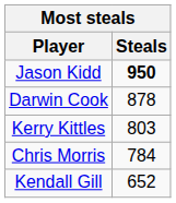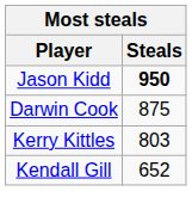 <table class="wikitable sortable" style="text-align:center">
 <tr>
 <th colspan="2" style="text-align:center; ">Most steals</th>
 </tr>
 <tr>
 <th style="text-align:center; ">Player</th>
 <th style="text-align:center; ">Steals</th>
 </tr>
 <tr>
 <td><a href='#'>Jason Kidd</a></td>
 <td><strong>950</strong></td>
 </tr>
 <tr>
 <td><a href='#'>Darwin Cook</a></td>
-<td>878</td>
+<td>875</td>
 </tr>
 <tr>
 <td><a href='#'>Kerry Kittles</a></td>
 <td>803</td>
 </tr>
 <tr>
-<td><a href='#'>Chris Morris</a></td>
-<td>784</td>
-</tr>
-<tr>
 <td><a href='#'>Kendall Gill</a></td>
 <td>652</td>
 </tr>
 </table>
